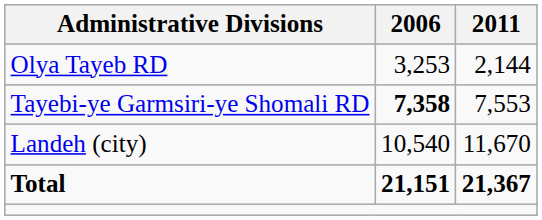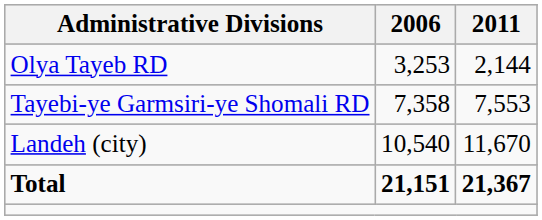 <table class="wikitable">
 <tr>
 <th>Administrative Divisions</th>
 <th>2006</th>
 <th>2011</th>
 </tr>
 <tr>
 <td><a href='#'>Olya Tayeb RD</a></td>
 <td style="text-align: right;">3,253</td>
 <td style="text-align: right;">2,144</td>
 </tr>
 <tr>
 <td><a href='#'>Tayebi-ye Garmsiri-ye Shomali RD</a></td>
-<td style="text-align: right;"><strong>7,358</strong></td>
+<td style="text-align: right;">7,358</td>
 <td style="text-align: right;">7,553</td>
 </tr>
 <tr>
 <td><a href='#'>Landeh</a> (city)</td>
 <td style="text-align: right;">10,540</td>
 <td style="text-align: right;">11,670</td>
 </tr>
 <tr>
 <td><strong>Total</strong></td>
 <td style="text-align: right;"><strong>21,151</strong></td>
 <td style="text-align: right;"><strong>21,367</strong></td>
 </tr>
 <tr>
 <td colspan=3></td>
 </tr>
 </table>
